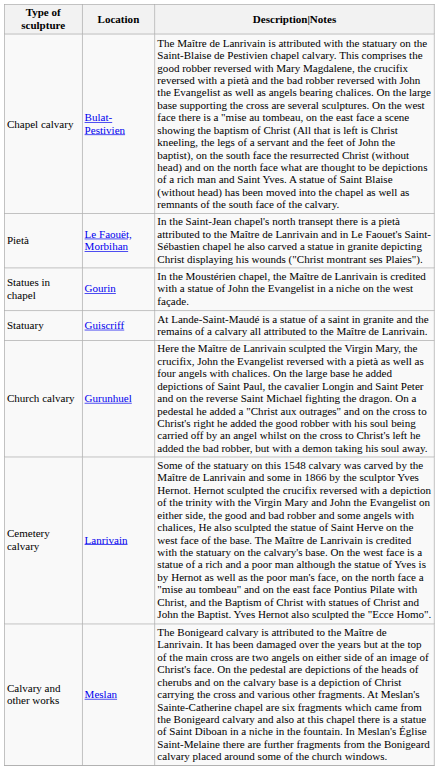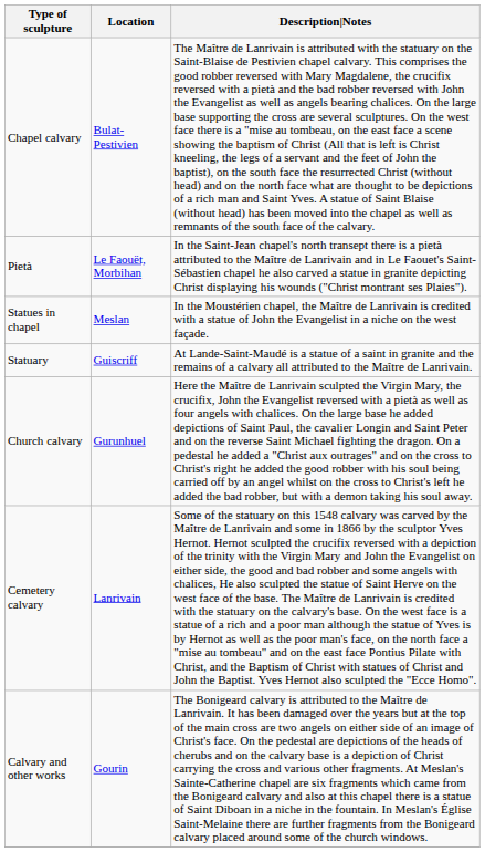 <table class="wikitable sortable" style="width:100%; margin-top:0.5em;">
 <tr>
 <th scope="col">Type of sculpture</th>
 <th scope="col">Location</th>
 <th scope="col" width="65%">Description|Notes</th>
 </tr>
 <tr>
 <td>Chapel calvary</td>
 <td><a href='#'>Bulat-Pestivien</a></td>
 <td>The Maître de Lanrivain is attributed with the statuary on the Saint-Blaise de Pestivien chapel calvary. This comprises the good robber reversed with Mary Magdalene, the crucifix reversed with a pietà and the bad robber reversed with John the Evangelist as well as angels bearing chalices. On the large base supporting the cross are several sculptures. On the west face there is a "mise au tombeau, on the east face a scene showing the baptism of Christ (All that is left is Christ kneeling, the legs of a servant and the feet of John the baptist), on the south face the resurrected Christ (without head) and on the north face what are thought to be depictions of a rich man and Saint Yves. A statue of Saint Blaise (without head) has been moved into the chapel as well as remnants of the south face of the calvary.</td>
 </tr>
 <tr>
 <td>Pietà</td>
 <td><a href='#'>Le Faouët, Morbihan</a></td>
 <td>In the Saint-Jean chapel's north transept there is a pietà attributed to the Maître de Lanrivain and in Le Faouet's Saint-Sébastien chapel he also carved a statue in granite depicting Christ displaying his wounds ("Christ montrant ses Plaies").</td>
 </tr>
 <tr>
 <td>Statues in chapel</td>
-<td><a href='#'>Gourin</a></td>
+<td><a href='#'>Meslan</a></td>
 <td>In the Moustérien chapel, the Maître de Lanrivain is credited with a statue of John the Evangelist in a niche on the west façade.</td>
 </tr>
 <tr>
 <td>Statuary</td>
 <td><a href='#'>Guiscriff</a></td>
 <td>At Lande-Saint-Maudé is a statue of a saint in granite and the remains of a calvary all attributed to the Maître de Lanrivain.</td>
 </tr>
 <tr>
 <td>Church calvary</td>
 <td><a href='#'>Gurunhuel</a></td>
 <td>Here the Maître de Lanrivain sculpted the Virgin Mary, the crucifix, John the Evangelist reversed with a pietà as well as four angels with chalices. On the large base he added depictions of Saint Paul, the cavalier Longin and Saint Peter and on the reverse Saint Michael fighting the dragon. On a pedestal he added a "Christ aux outrages" and on the cross to Christ's right he added the good robber with his soul being carried off by an angel whilst on the cross to Christ's left he added the bad robber, but with a demon taking his soul away.<br></td>
 </tr>
 <tr>
 <td>Cemetery calvary</td>
 <td><a href='#'>Lanrivain</a></td>
 <td>Some of the statuary on this 1548 calvary was carved by the Maître de Lanrivain and some in 1866 by the sculptor Yves Hernot. Hernot sculpted the crucifix reversed with a depiction of the trinity with the Virgin Mary and John the Evangelist on either side, the good and bad robber and some angels with chalices, He also sculpted the statue of Saint Herve on the west face of the base. The Maître de Lanrivain is credited with the statuary on the calvary's base. On the west face is a statue of a rich and a poor man although the statue of Yves is by Hernot as well as the poor man's face, on the north face a "mise au tombeau" and on the east face Pontius Pilate with Christ, and the Baptism of Christ with statues of Christ and John the Baptist. Yves Hernot also sculpted the "Ecce Homo".<br> </td>
 </tr>
 <tr>
 <td>Calvary and other works</td>
-<td><a href='#'>Meslan</a></td>
+<td><a href='#'>Gourin</a></td>
 <td>The Bonigeard calvary is attributed to the Maître de Lanrivain. It has been damaged over the years but at the top of the main cross are two angels on either side of an image of Christ's face. On the pedestal are depictions of the heads of cherubs and on the calvary base is a depiction of Christ carrying the cross and various other fragments. At Meslan's Sainte-Catherine chapel are six fragments which came from the Bonigeard calvary and also at this chapel there is a statue of Saint Diboan in a niche in the fountain. In Meslan's Église Saint-Melaine there are further fragments from the Bonigeard calvary placed around some of the church windows.<br></td>
 </tr>
 <tr>
 </tr>
 </table>
